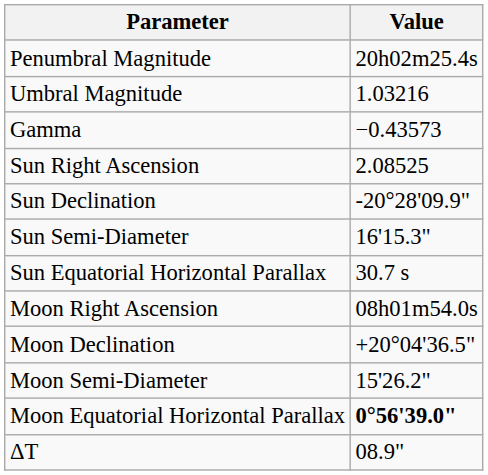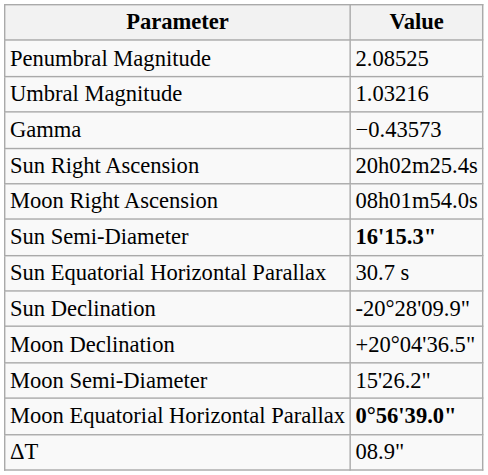 <table class="wikitable">
 <tr>
 <th>Parameter</th>
 <th>Value</th>
 </tr>
 <tr>
 <td>Penumbral Magnitude</td>
-<td>20h02m25.4s</td>
+<td>2.08525</td>
 </tr>
 <tr>
 <td>Umbral Magnitude</td>
 <td>1.03216</td>
 </tr>
 <tr>
 <td>Gamma</td>
 <td>−0.43573</td>
 </tr>
 <tr>
 <td>Sun Right Ascension</td>
-<td>2.08525</td>
+<td>20h02m25.4s</td>
 </tr>
 <tr>
-<td>Sun Declination</td>
-<td>-20°28'09.9"</td>
+<td>Moon Right Ascension</td>
+<td>08h01m54.0s</td>
 </tr>
 <tr>
 <td>Sun Semi-Diameter</td>
-<td>16'15.3"</td>
+<td><strong>16'15.3"</strong></td>
 </tr>
 <tr>
 <td>Sun Equatorial Horizontal Parallax</td>
 <td>30.7 s</td>
 </tr>
 <tr>
-<td>Moon Right Ascension</td>
-<td>08h01m54.0s</td>
+<td>Sun Declination</td>
+<td>-20°28'09.9"</td>
 </tr>
 <tr>
 <td>Moon Declination</td>
 <td>+20°04'36.5"</td>
 </tr>
 <tr>
 <td>Moon Semi-Diameter</td>
 <td>15'26.2"</td>
 </tr>
 <tr>
 <td>Moon Equatorial Horizontal Parallax</td>
 <td><strong>0°56'39.0"</strong></td>
 </tr>
 <tr>
 <td>ΔT</td>
 <td>08.9"</td>
 </tr>
 </table>
